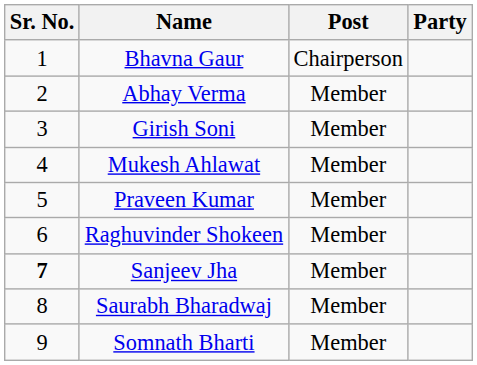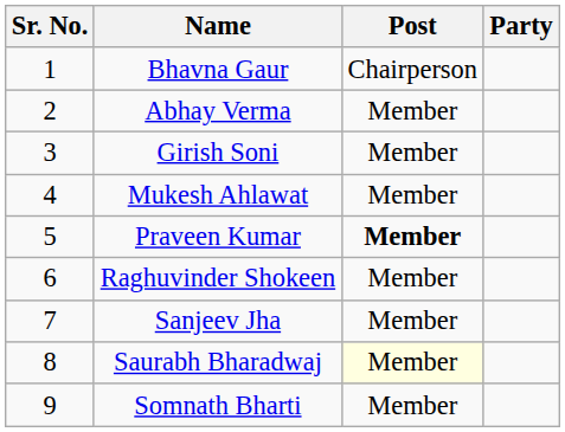 <table class="wikitable sortable">
 <tr>
 <th>Sr. No.</th>
 <th>Name</th>
 <th>Post</th>
 <th colspan="2">Party</th>
 </tr>
 <tr align="center">
 <td>1</td>
 <td><a href='#'>Bhavna Gaur</a></td>
 <td>Chairperson</td>
 <td></td>
 </tr>
 <tr align="center">
 <td>2</td>
 <td><a href='#'>Abhay Verma</a></td>
 <td>Member</td>
 <td></td>
 </tr>
 <tr align="center">
 <td>3</td>
 <td><a href='#'>Girish Soni</a></td>
 <td>Member</td>
 <td></td>
 </tr>
 <tr align="center">
 <td>4</td>
 <td><a href='#'>Mukesh Ahlawat</a></td>
 <td>Member</td>
 <td></td>
 </tr>
 <tr align="center">
 <td>5</td>
 <td><a href='#'>Praveen Kumar</a></td>
-<td>Member</td>
+<td><strong>Member</strong></td>
 <td></td>
 </tr>
 <tr align="center">
 <td>6</td>
 <td><a href='#'>Raghuvinder Shokeen</a></td>
 <td>Member</td>
 <td></td>
 </tr>
 <tr align="center">
-<td><strong>7</strong></td>
+<td>7</td>
 <td><a href='#'>Sanjeev Jha</a></td>
 <td>Member</td>
 <td></td>
 </tr>
 <tr align="center">
 <td>8</td>
 <td><a href='#'>Saurabh Bharadwaj</a></td>
-<td>Member</td>
+<td style="background: lightyellow;">Member</td>
 <td></td>
 </tr>
 <tr align="center">
 <td>9</td>
 <td><a href='#'>Somnath Bharti</a></td>
 <td>Member</td>
 <td></td>
 </tr>
 </table>
